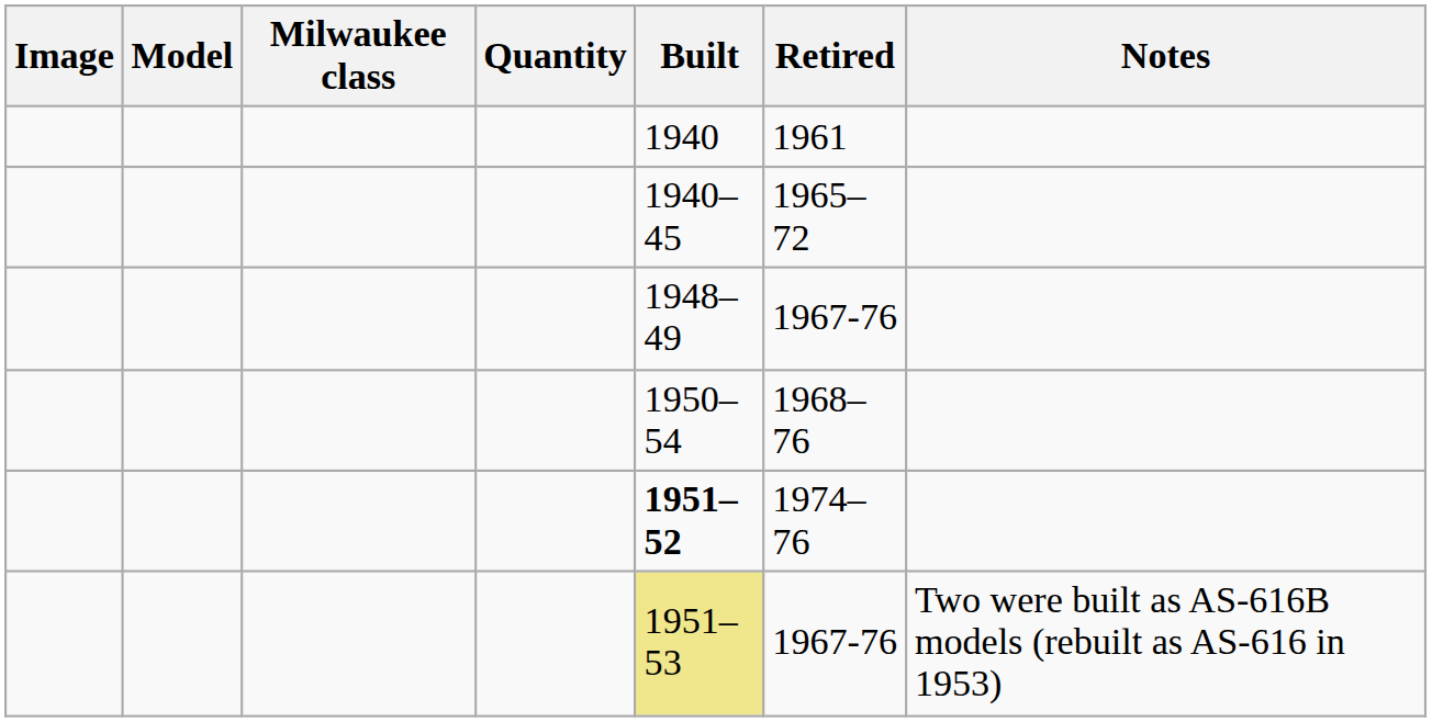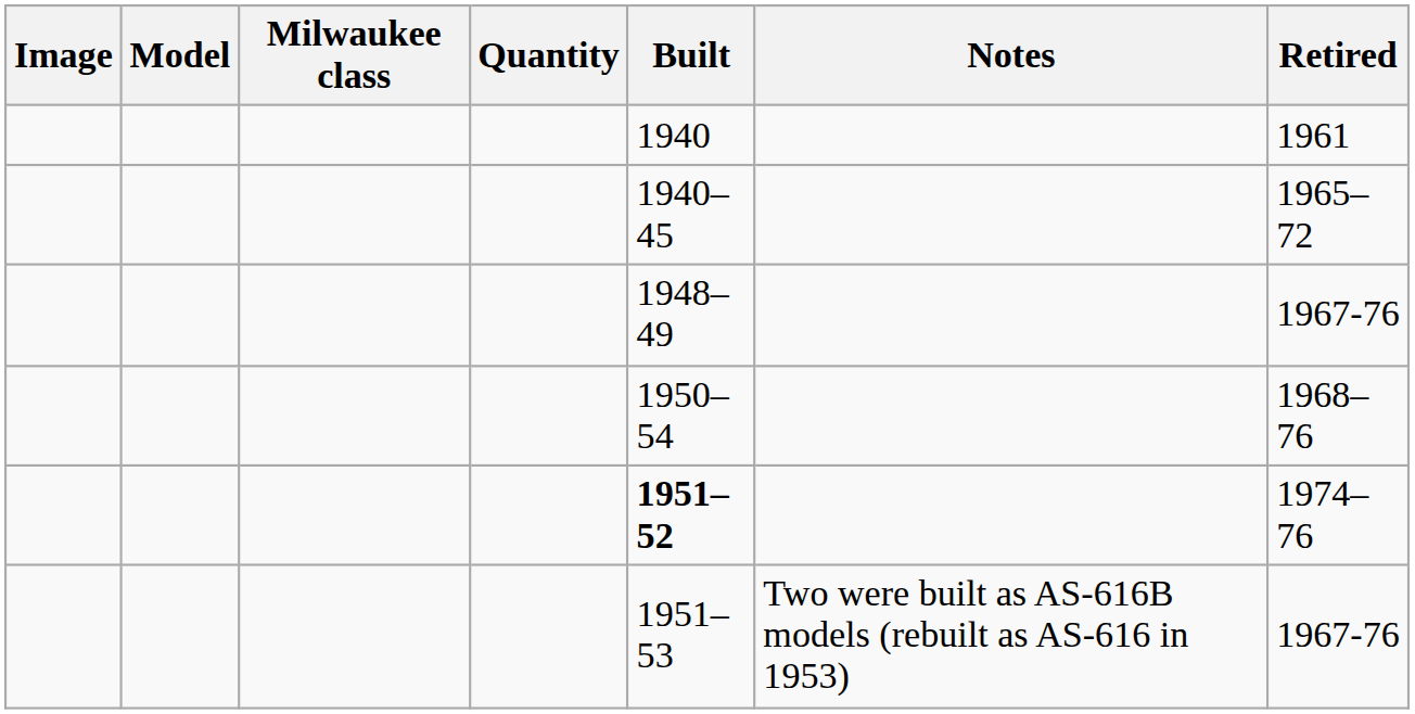 <table class="wikitable sortable">
 <tr>
 <th>Image</th>
 <th>Model</th>
 <th>Milwaukee class</th>
 <th>Quantity</th>
 <th>Built</th>
+<th>Notes</th>
 <th>Retired</th>
-<th>Notes</th>
 </tr>
 <tr>
 <td></td>
 <td></td>
 <td></td>
 <td></td>
 <td>1940</td>
+<td></td>
 <td>1961</td>
-<td></td>
 </tr>
 <tr>
 <td></td>
 <td></td>
 <td></td>
 <td></td>
 <td>1940–45</td>
+<td></td>
 <td>1965–72</td>
-<td></td>
 </tr>
 <tr>
 <td></td>
 <td></td>
 <td></td>
 <td></td>
 <td>1948–49</td>
+<td></td>
 <td>1967-76</td>
-<td></td>
 </tr>
 <tr>
 <td></td>
 <td></td>
 <td></td>
 <td></td>
 <td>1950–54</td>
+<td></td>
 <td>1968–76</td>
-<td></td>
 </tr>
 <tr>
 <td></td>
 <td></td>
 <td></td>
 <td></td>
 <td><strong>1951–52</strong></td>
+<td></td>
 <td>1974–76</td>
-<td></td>
 </tr>
 <tr>
 <td></td>
 <td></td>
 <td></td>
 <td></td>
-<td style="background: khaki;">1951–53</td>
+<td>1951–53</td>
+<td>Two were built as AS-616B models (rebuilt as AS-616 in 1953)</td>
 <td>1967-76</td>
-<td>Two were built as AS-616B models (rebuilt as AS-616 in 1953)</td>
 </tr>
 </table>
